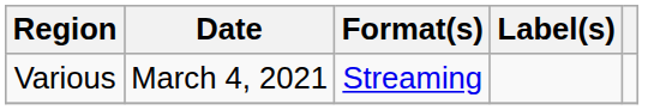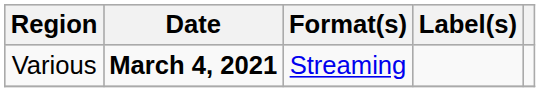 <table class="wikitable plainrowheaders" style="text-align:center">
 <tr>
 <th>Region</th>
 <th>Date</th>
 <th>Format(s)</th>
 <th>Label(s)</th>
 <th></th>
 </tr>
 <tr>
 <td>Various</td>
-<td>March 4, 2021</td>
+<td><strong>March 4, 2021</strong></td>
 <td><a href='#'>Streaming</a></td>
 <td></td>
 <td></td>
 </tr>
 <tr>
 </tr>
 </table>
